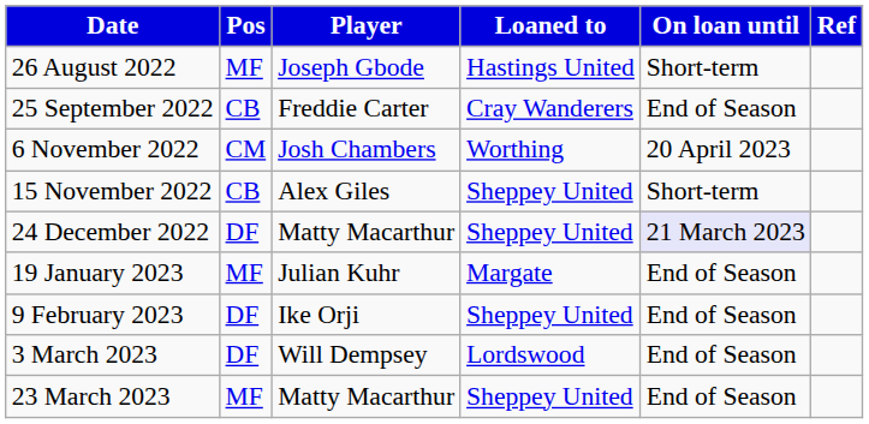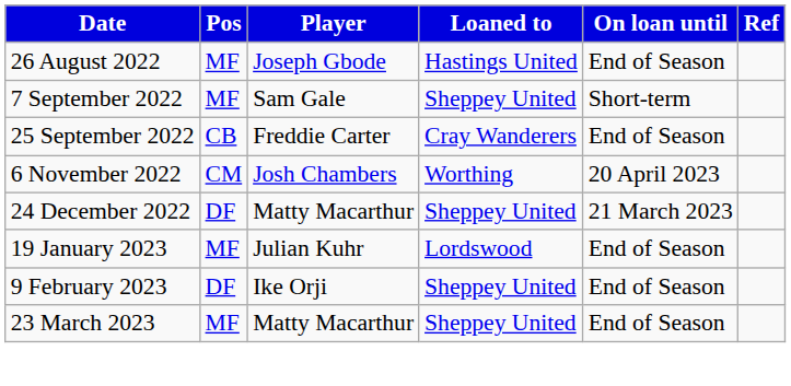 <table class="wikitable plainrowheaders sortable">
 <tr>
 <th style="background:#0000dd; color:#fff; ">Date</th>
 <th style="background:#0000dd; color:#fff; ">Pos</th>
 <th style="background:#0000dd; color:#fff; ">Player</th>
 <th style="background:#0000dd; color:#fff; ">Loaned to</th>
 <th style="background:#0000dd; color:#fff; ">On loan until</th>
 <th style="background:#0000dd; color:#fff; ">Ref</th>
 </tr>
 <tr>
 <td>26 August 2022</td>
 <td><a href='#'>MF</a></td>
 <td> <a href='#'>Joseph Gbode</a></td>
 <td> <a href='#'>Hastings United</a></td>
+<td>End of Season</td>
+<td></td>
+</tr>
+<tr>
+<td>7 September 2022</td>
+<td><a href='#'>MF</a></td>
+<td> Sam Gale</td>
+<td> <a href='#'>Sheppey United</a></td>
 <td>Short-term</td>
 <td></td>
 </tr>
 <tr>
 <td>25 September 2022</td>
 <td><a href='#'>CB</a></td>
 <td> Freddie Carter</td>
 <td> <a href='#'>Cray Wanderers</a></td>
 <td>End of Season</td>
 <td></td>
 </tr>
 <tr>
 <td>6 November 2022</td>
 <td><a href='#'>CM</a></td>
 <td> <a href='#'>Josh Chambers</a></td>
 <td> <a href='#'>Worthing</a></td>
 <td>20 April 2023</td>
 <td></td>
 </tr>
 <tr>
-<td>15 November 2022</td>
-<td><a href='#'>CB</a></td>
-<td> Alex Giles</td>
-<td> <a href='#'>Sheppey United</a></td>
-<td>Short-term</td>
-<td></td>
-</tr>
-<tr>
 <td>24 December 2022</td>
 <td><a href='#'>DF</a></td>
 <td> Matty Macarthur</td>
 <td> <a href='#'>Sheppey United</a></td>
-<td style="background: lavender;">21 March 2023</td>
+<td>21 March 2023</td>
 <td></td>
 </tr>
 <tr>
 <td>19 January 2023</td>
 <td><a href='#'>MF</a></td>
 <td> Julian Kuhr</td>
-<td> <a href='#'>Margate</a></td>
+<td> <a href='#'>Lordswood</a></td>
 <td>End of Season</td>
 <td></td>
 </tr>
 <tr>
 <td>9 February 2023</td>
 <td><a href='#'>DF</a></td>
 <td> Ike Orji</td>
 <td> <a href='#'>Sheppey United</a></td>
 <td>End of Season</td>
 <td></td>
 </tr>
 <tr>
-<td>3 March 2023</td>
-<td><a href='#'>DF</a></td>
-<td> Will Dempsey</td>
-<td> <a href='#'>Lordswood</a></td>
-<td>End of Season</td>
-<td></td>
-</tr>
-<tr>
 <td>23 March 2023</td>
 <td><a href='#'>MF</a></td>
 <td> Matty Macarthur</td>
 <td> <a href='#'>Sheppey United</a></td>
 <td>End of Season</td>
 <td></td>
 </tr>
 </table>
